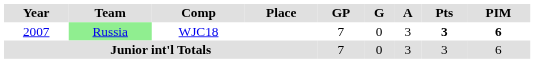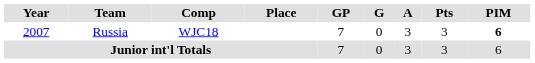 <table BORDER="0" CELLPADDING="2" CELLSPACING="0" width=40%>
 <tr ALIGN="center" bgcolor="#e0e0e0">
 <th>Year</th>
 <th>Team</th>
 <th>Comp</th>
 <th>Place</th>
 <th>GP</th>
 <th>G</th>
 <th>A</th>
 <th>Pts</th>
 <th>PIM</th>
 </tr>
 <tr ALIGN="center">
 <td ALIGN="center"><a href='#'>2007</a></td>
-<td ALIGN="center" style="background: lightgreen;"><a href='#'>Russia</a></td>
+<td ALIGN="center"><a href='#'>Russia</a></td>
 <td ALIGN="center"><a href='#'>WJC18</a></td>
 <td></td>
 <td ALIGN="center">7</td>
 <td ALIGN="center">0</td>
 <td ALIGN="center">3</td>
-<td ALIGN="center"><strong>3</strong></td>
+<td ALIGN="center">3</td>
 <td ALIGN="center"><strong>6</strong></td>
 </tr>
 <tr ALIGN="center" bgcolor="#e0e0e0">
 <th colspan="4">Junior int'l Totals</th>
 <td ALIGN="center">7</td>
 <td ALIGN="center">0</td>
 <td ALIGN="center">3</td>
 <td ALIGN="center">3</td>
 <td ALIGN="center">6</td>
 </tr>
 </table>
